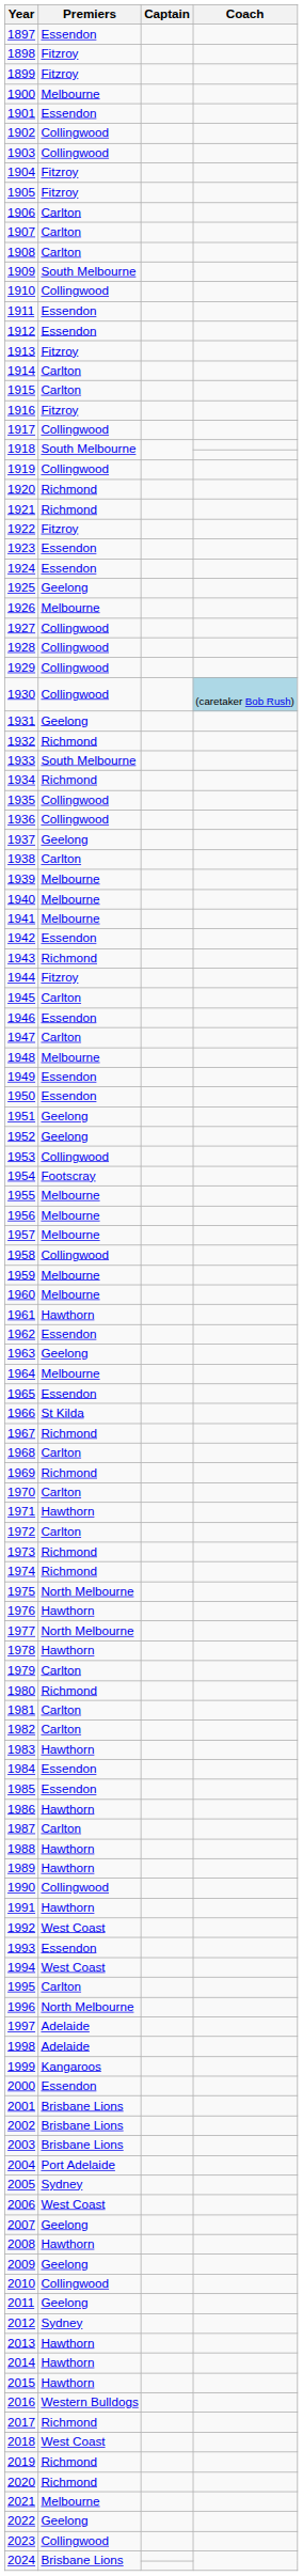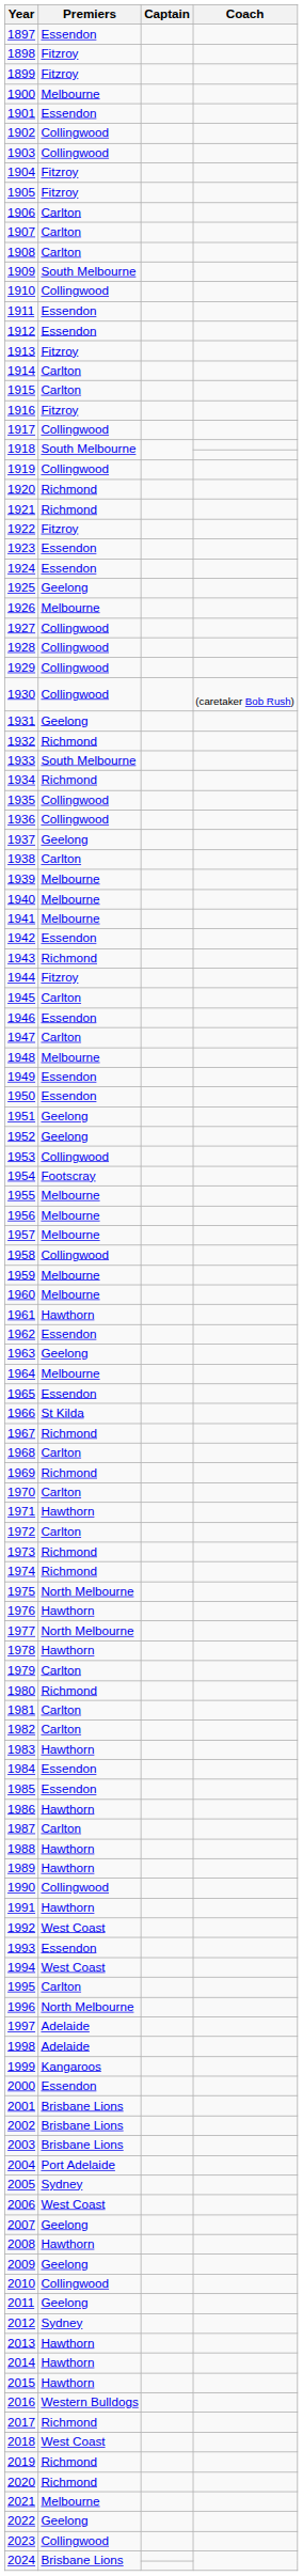 <table class="wikitable sortable">
 <tr>
 <th>Year</th>
 <th>Premiers</th>
 <th>Captain</th>
 <th data-sort-type="text">Coach</th>
 </tr>
 <tr>
 <td><a href='#'>1897</a></td>
 <td><a href='#'>Essendon</a></td>
 <td></td>
 <td></td>
 </tr>
 <tr>
 <td><a href='#'>1898</a></td>
 <td><a href='#'>Fitzroy</a></td>
 <td></td>
 <td></td>
 </tr>
 <tr>
 <td><a href='#'>1899</a></td>
 <td><a href='#'>Fitzroy</a></td>
 <td></td>
 <td></td>
 </tr>
 <tr>
 <td><a href='#'>1900</a></td>
 <td><a href='#'>Melbourne</a></td>
 <td></td>
 <td></td>
 </tr>
 <tr>
 <td><a href='#'>1901</a></td>
 <td><a href='#'>Essendon</a></td>
 <td></td>
 <td></td>
 </tr>
 <tr>
 <td><a href='#'>1902</a></td>
 <td><a href='#'>Collingwood</a></td>
 <td></td>
 <td></td>
 </tr>
 <tr>
 <td><a href='#'>1903</a></td>
 <td><a href='#'>Collingwood</a></td>
 <td></td>
 <td></td>
 </tr>
 <tr>
 <td><a href='#'>1904</a></td>
 <td><a href='#'>Fitzroy</a></td>
 <td></td>
 <td></td>
 </tr>
 <tr>
 <td><a href='#'>1905</a></td>
 <td><a href='#'>Fitzroy</a></td>
 <td></td>
 <td></td>
 </tr>
 <tr>
 <td><a href='#'>1906</a></td>
 <td><a href='#'>Carlton</a></td>
 <td></td>
 <td></td>
 </tr>
 <tr>
 <td><a href='#'>1907</a></td>
 <td><a href='#'>Carlton</a></td>
 <td></td>
 <td></td>
 </tr>
 <tr>
 <td><a href='#'>1908</a></td>
 <td><a href='#'>Carlton</a></td>
 <td></td>
 <td></td>
 </tr>
 <tr>
 <td><a href='#'>1909</a></td>
 <td><a href='#'>South Melbourne</a></td>
 <td></td>
 <td></td>
 </tr>
 <tr>
 <td><a href='#'>1910</a></td>
 <td><a href='#'>Collingwood</a></td>
 <td></td>
 <td></td>
 </tr>
 <tr>
 <td><a href='#'>1911</a></td>
 <td><a href='#'>Essendon</a></td>
 <td></td>
 <td></td>
 </tr>
 <tr>
 <td><a href='#'>1912</a></td>
 <td><a href='#'>Essendon</a></td>
 <td></td>
 <td></td>
 </tr>
 <tr>
 <td><a href='#'>1913</a></td>
 <td><a href='#'>Fitzroy</a></td>
 <td></td>
 <td></td>
 </tr>
 <tr>
 <td><a href='#'>1914</a></td>
 <td><a href='#'>Carlton</a></td>
 <td></td>
 <td></td>
 </tr>
 <tr>
 <td><a href='#'>1915</a></td>
 <td><a href='#'>Carlton</a></td>
 <td></td>
 <td></td>
 </tr>
 <tr>
 <td><a href='#'>1916</a></td>
 <td><a href='#'>Fitzroy</a></td>
 <td></td>
 <td></td>
 </tr>
 <tr>
 <td><a href='#'>1917</a></td>
 <td><a href='#'>Collingwood</a></td>
 <td></td>
 <td></td>
 </tr>
 <tr>
 <td rowspan="2"><a href='#'>1918</a></td>
 <td rowspan="2"><a href='#'>South Melbourne</a></td>
 <td rowspan="2"></td>
 <td></td>
 </tr>
 <tr>
 <td></td>
 </tr>
 <tr>
 <td><a href='#'>1919</a></td>
 <td><a href='#'>Collingwood</a></td>
 <td></td>
 <td></td>
 </tr>
 <tr>
 <td><a href='#'>1920</a></td>
 <td><a href='#'>Richmond</a></td>
 <td></td>
 <td></td>
 </tr>
 <tr>
 <td><a href='#'>1921</a></td>
 <td><a href='#'>Richmond</a></td>
 <td></td>
 <td></td>
 </tr>
 <tr>
 <td><a href='#'>1922</a></td>
 <td><a href='#'>Fitzroy</a></td>
 <td></td>
 <td></td>
 </tr>
 <tr>
 <td><a href='#'>1923</a></td>
 <td><a href='#'>Essendon</a></td>
 <td></td>
 <td></td>
 </tr>
 <tr>
 <td><a href='#'>1924</a></td>
 <td><a href='#'>Essendon</a></td>
 <td></td>
 <td></td>
 </tr>
 <tr>
 <td><a href='#'>1925</a></td>
 <td><a href='#'>Geelong</a></td>
 <td></td>
 <td></td>
 </tr>
 <tr>
 <td><a href='#'>1926</a></td>
 <td><a href='#'>Melbourne</a></td>
 <td></td>
 <td></td>
 </tr>
 <tr>
 <td><a href='#'>1927</a></td>
 <td><a href='#'>Collingwood</a></td>
 <td></td>
 <td></td>
 </tr>
 <tr>
 <td><a href='#'>1928</a></td>
 <td><a href='#'>Collingwood</a></td>
 <td></td>
 <td></td>
 </tr>
 <tr>
 <td><a href='#'>1929</a></td>
 <td><a href='#'>Collingwood</a></td>
 <td></td>
 <td></td>
 </tr>
 <tr>
 <td><a href='#'>1930</a></td>
 <td><a href='#'>Collingwood</a></td>
 <td></td>
-<td style="background: lightblue;"><br><small>(caretaker <a href='#'>Bob Rush</a>)</small></td>
+<td><br><small>(caretaker <a href='#'>Bob Rush</a>)</small></td>
 </tr>
 <tr>
 <td><a href='#'>1931</a></td>
 <td><a href='#'>Geelong</a></td>
 <td></td>
 <td></td>
 </tr>
 <tr>
 <td><a href='#'>1932</a></td>
 <td><a href='#'>Richmond</a></td>
 <td></td>
 <td></td>
 </tr>
 <tr>
 <td><a href='#'>1933</a></td>
 <td><a href='#'>South Melbourne</a></td>
 <td></td>
 <td></td>
 </tr>
 <tr>
 <td><a href='#'>1934</a></td>
 <td><a href='#'>Richmond</a></td>
 <td></td>
 <td></td>
 </tr>
 <tr>
 <td><a href='#'>1935</a></td>
 <td><a href='#'>Collingwood</a></td>
 <td></td>
 <td></td>
 </tr>
 <tr>
 <td><a href='#'>1936</a></td>
 <td><a href='#'>Collingwood</a></td>
 <td></td>
 <td></td>
 </tr>
 <tr>
 <td><a href='#'>1937</a></td>
 <td><a href='#'>Geelong</a></td>
 <td></td>
 <td></td>
 </tr>
 <tr>
 <td><a href='#'>1938</a></td>
 <td><a href='#'>Carlton</a></td>
 <td></td>
 <td></td>
 </tr>
 <tr>
 <td><a href='#'>1939</a></td>
 <td><a href='#'>Melbourne</a></td>
 <td></td>
 <td></td>
 </tr>
 <tr>
 <td><a href='#'>1940</a></td>
 <td><a href='#'>Melbourne</a></td>
 <td></td>
 <td></td>
 </tr>
 <tr>
 <td><a href='#'>1941</a></td>
 <td><a href='#'>Melbourne</a></td>
 <td></td>
 <td></td>
 </tr>
 <tr>
 <td><a href='#'>1942</a></td>
 <td><a href='#'>Essendon</a></td>
 <td></td>
 <td></td>
 </tr>
 <tr>
 <td><a href='#'>1943</a></td>
 <td><a href='#'>Richmond</a></td>
 <td></td>
 <td></td>
 </tr>
 <tr>
 <td><a href='#'>1944</a></td>
 <td><a href='#'>Fitzroy</a></td>
 <td></td>
 <td></td>
 </tr>
 <tr>
 <td><a href='#'>1945</a></td>
 <td><a href='#'>Carlton</a></td>
 <td></td>
 <td></td>
 </tr>
 <tr>
 <td><a href='#'>1946</a></td>
 <td><a href='#'>Essendon</a></td>
 <td></td>
 <td></td>
 </tr>
 <tr>
 <td><a href='#'>1947</a></td>
 <td><a href='#'>Carlton</a></td>
 <td></td>
 <td></td>
 </tr>
 <tr>
 <td><a href='#'>1948</a></td>
 <td><a href='#'>Melbourne</a></td>
 <td></td>
 <td></td>
 </tr>
 <tr>
 <td><a href='#'>1949</a></td>
 <td><a href='#'>Essendon</a></td>
 <td></td>
 <td></td>
 </tr>
 <tr>
 <td><a href='#'>1950</a></td>
 <td><a href='#'>Essendon</a></td>
 <td></td>
 <td></td>
 </tr>
 <tr>
 <td><a href='#'>1951</a></td>
 <td><a href='#'>Geelong</a></td>
 <td></td>
 <td></td>
 </tr>
 <tr>
 <td><a href='#'>1952</a></td>
 <td><a href='#'>Geelong</a></td>
 <td></td>
 <td></td>
 </tr>
 <tr>
 <td><a href='#'>1953</a></td>
 <td><a href='#'>Collingwood</a></td>
 <td></td>
 <td></td>
 </tr>
 <tr>
 <td><a href='#'>1954</a></td>
 <td><a href='#'>Footscray</a></td>
 <td></td>
 <td></td>
 </tr>
 <tr>
 <td><a href='#'>1955</a></td>
 <td><a href='#'>Melbourne</a></td>
 <td></td>
 <td></td>
 </tr>
 <tr>
 <td><a href='#'>1956</a></td>
 <td><a href='#'>Melbourne</a></td>
 <td></td>
 <td></td>
 </tr>
 <tr>
 <td><a href='#'>1957</a></td>
 <td><a href='#'>Melbourne</a></td>
 <td></td>
 <td></td>
 </tr>
 <tr>
 <td><a href='#'>1958</a></td>
 <td><a href='#'>Collingwood</a></td>
 <td></td>
 <td></td>
 </tr>
 <tr>
 <td><a href='#'>1959</a></td>
 <td><a href='#'>Melbourne</a></td>
 <td></td>
 <td></td>
 </tr>
 <tr>
 <td><a href='#'>1960</a></td>
 <td><a href='#'>Melbourne</a></td>
 <td></td>
 <td></td>
 </tr>
 <tr>
 <td><a href='#'>1961</a></td>
 <td><a href='#'>Hawthorn</a></td>
 <td></td>
 <td></td>
 </tr>
 <tr>
 <td><a href='#'>1962</a></td>
 <td><a href='#'>Essendon</a></td>
 <td></td>
 <td></td>
 </tr>
 <tr>
 <td><a href='#'>1963</a></td>
 <td><a href='#'>Geelong</a></td>
 <td></td>
 <td></td>
 </tr>
 <tr>
 <td><a href='#'>1964</a></td>
 <td><a href='#'>Melbourne</a></td>
 <td></td>
 <td></td>
 </tr>
 <tr>
 <td><a href='#'>1965</a></td>
 <td><a href='#'>Essendon</a></td>
 <td></td>
 <td></td>
 </tr>
 <tr>
 <td><a href='#'>1966</a></td>
 <td><a href='#'>St Kilda</a></td>
 <td></td>
 <td></td>
 </tr>
 <tr>
 <td><a href='#'>1967</a></td>
 <td><a href='#'>Richmond</a></td>
 <td></td>
 <td></td>
 </tr>
 <tr>
 <td><a href='#'>1968</a></td>
 <td><a href='#'>Carlton</a></td>
 <td></td>
 <td></td>
 </tr>
 <tr>
 <td><a href='#'>1969</a></td>
 <td><a href='#'>Richmond</a></td>
 <td></td>
 <td></td>
 </tr>
 <tr>
 <td><a href='#'>1970</a></td>
 <td><a href='#'>Carlton</a></td>
 <td></td>
 <td></td>
 </tr>
 <tr>
 <td><a href='#'>1971</a></td>
 <td><a href='#'>Hawthorn</a></td>
 <td></td>
 <td></td>
 </tr>
 <tr>
 <td><a href='#'>1972</a></td>
 <td><a href='#'>Carlton</a></td>
 <td></td>
 <td></td>
 </tr>
 <tr>
 <td><a href='#'>1973</a></td>
 <td><a href='#'>Richmond</a></td>
 <td></td>
 <td></td>
 </tr>
 <tr>
 <td><a href='#'>1974</a></td>
 <td><a href='#'>Richmond</a></td>
 <td></td>
 <td></td>
 </tr>
 <tr>
 <td><a href='#'>1975</a></td>
 <td><a href='#'>North Melbourne</a></td>
 <td></td>
 <td></td>
 </tr>
 <tr>
 <td><a href='#'>1976</a></td>
 <td><a href='#'>Hawthorn</a></td>
 <td></td>
 <td></td>
 </tr>
 <tr>
 <td><a href='#'>1977</a></td>
 <td><a href='#'>North Melbourne</a></td>
 <td></td>
 <td></td>
 </tr>
 <tr>
 <td><a href='#'>1978</a></td>
 <td><a href='#'>Hawthorn</a></td>
 <td></td>
 <td></td>
 </tr>
 <tr>
 <td><a href='#'>1979</a></td>
 <td><a href='#'>Carlton</a></td>
 <td></td>
 <td></td>
 </tr>
 <tr>
 <td><a href='#'>1980</a></td>
 <td><a href='#'>Richmond</a></td>
 <td></td>
 <td></td>
 </tr>
 <tr>
 <td><a href='#'>1981</a></td>
 <td><a href='#'>Carlton</a></td>
 <td></td>
 <td></td>
 </tr>
 <tr>
 <td><a href='#'>1982</a></td>
 <td><a href='#'>Carlton</a></td>
 <td></td>
 <td></td>
 </tr>
 <tr>
 <td><a href='#'>1983</a></td>
 <td><a href='#'>Hawthorn</a></td>
 <td></td>
 <td></td>
 </tr>
 <tr>
 <td><a href='#'>1984</a></td>
 <td><a href='#'>Essendon</a></td>
 <td></td>
 <td></td>
 </tr>
 <tr>
 <td><a href='#'>1985</a></td>
 <td><a href='#'>Essendon</a></td>
 <td></td>
 <td></td>
 </tr>
 <tr>
 <td><a href='#'>1986</a></td>
 <td><a href='#'>Hawthorn</a></td>
 <td></td>
 <td></td>
 </tr>
 <tr>
 <td><a href='#'>1987</a></td>
 <td><a href='#'>Carlton</a></td>
 <td></td>
 <td></td>
 </tr>
 <tr>
 <td><a href='#'>1988</a></td>
 <td><a href='#'>Hawthorn</a></td>
 <td></td>
 <td></td>
 </tr>
 <tr>
 <td><a href='#'>1989</a></td>
 <td><a href='#'>Hawthorn</a></td>
 <td></td>
 <td></td>
 </tr>
 <tr>
 <td><a href='#'>1990</a></td>
 <td><a href='#'>Collingwood</a></td>
 <td></td>
 <td></td>
 </tr>
 <tr>
 <td><a href='#'>1991</a></td>
 <td><a href='#'>Hawthorn</a></td>
 <td></td>
 <td></td>
 </tr>
 <tr>
 <td><a href='#'>1992</a></td>
 <td><a href='#'>West Coast</a></td>
 <td></td>
 <td></td>
 </tr>
 <tr>
 <td><a href='#'>1993</a></td>
 <td><a href='#'>Essendon</a></td>
 <td></td>
 <td></td>
 </tr>
 <tr>
 <td><a href='#'>1994</a></td>
 <td><a href='#'>West Coast</a></td>
 <td></td>
 <td></td>
 </tr>
 <tr>
 <td><a href='#'>1995</a></td>
 <td><a href='#'>Carlton</a></td>
 <td></td>
 <td></td>
 </tr>
 <tr>
 <td><a href='#'>1996</a></td>
 <td><a href='#'>North Melbourne</a></td>
 <td></td>
 <td></td>
 </tr>
 <tr>
 <td><a href='#'>1997</a></td>
 <td><a href='#'>Adelaide</a></td>
 <td></td>
 <td></td>
 </tr>
 <tr>
 <td><a href='#'>1998</a></td>
 <td><a href='#'>Adelaide</a></td>
 <td></td>
 <td></td>
 </tr>
 <tr>
 <td><a href='#'>1999</a></td>
 <td><a href='#'>Kangaroos</a></td>
 <td></td>
 <td></td>
 </tr>
 <tr>
 <td><a href='#'>2000</a></td>
 <td><a href='#'>Essendon</a></td>
 <td></td>
 <td></td>
 </tr>
 <tr>
 <td><a href='#'>2001</a></td>
 <td><a href='#'>Brisbane Lions</a></td>
 <td></td>
 <td></td>
 </tr>
 <tr>
 <td><a href='#'>2002</a></td>
 <td><a href='#'>Brisbane Lions</a></td>
 <td></td>
 <td></td>
 </tr>
 <tr>
 <td><a href='#'>2003</a></td>
 <td><a href='#'>Brisbane Lions</a></td>
 <td></td>
 <td></td>
 </tr>
 <tr>
 <td><a href='#'>2004</a></td>
 <td><a href='#'>Port Adelaide</a></td>
 <td></td>
 <td></td>
 </tr>
 <tr>
 <td><a href='#'>2005</a></td>
 <td><a href='#'>Sydney</a></td>
 <td></td>
 <td></td>
 </tr>
 <tr>
 <td><a href='#'>2006</a></td>
 <td><a href='#'>West Coast</a></td>
 <td></td>
 <td></td>
 </tr>
 <tr>
 <td><a href='#'>2007</a></td>
 <td><a href='#'>Geelong</a></td>
 <td></td>
 <td></td>
 </tr>
 <tr>
 <td><a href='#'>2008</a></td>
 <td><a href='#'>Hawthorn</a></td>
 <td></td>
 <td></td>
 </tr>
 <tr>
 <td><a href='#'>2009</a></td>
 <td><a href='#'>Geelong</a></td>
 <td></td>
 <td></td>
 </tr>
 <tr>
 <td><a href='#'>2010</a></td>
 <td><a href='#'>Collingwood</a></td>
 <td></td>
 <td></td>
 </tr>
 <tr>
 <td><a href='#'>2011</a></td>
 <td><a href='#'>Geelong</a></td>
 <td></td>
 <td></td>
 </tr>
 <tr>
 <td><a href='#'>2012</a></td>
 <td><a href='#'>Sydney</a></td>
 <td></td>
 <td></td>
 </tr>
 <tr>
 <td><a href='#'>2013</a></td>
 <td><a href='#'>Hawthorn</a></td>
 <td></td>
 <td></td>
 </tr>
 <tr>
 <td><a href='#'>2014</a></td>
 <td><a href='#'>Hawthorn</a></td>
 <td></td>
 <td></td>
 </tr>
 <tr>
 <td><a href='#'>2015</a></td>
 <td><a href='#'>Hawthorn</a></td>
 <td></td>
 <td></td>
 </tr>
 <tr>
 <td><a href='#'>2016</a></td>
 <td><a href='#'>Western Bulldogs</a></td>
 <td></td>
 <td></td>
 </tr>
 <tr>
 <td><a href='#'>2017</a></td>
 <td><a href='#'>Richmond</a></td>
 <td></td>
 <td></td>
 </tr>
 <tr>
 <td><a href='#'>2018</a></td>
 <td><a href='#'>West Coast</a></td>
 <td></td>
 <td></td>
 </tr>
 <tr>
 <td><a href='#'>2019</a></td>
 <td><a href='#'>Richmond</a></td>
 <td></td>
 <td></td>
 </tr>
 <tr>
 <td><a href='#'>2020</a></td>
 <td><a href='#'>Richmond</a></td>
 <td></td>
 <td></td>
 </tr>
 <tr>
 <td><a href='#'>2021</a></td>
 <td><a href='#'>Melbourne</a></td>
 <td></td>
 <td></td>
 </tr>
 <tr>
 <td><a href='#'>2022</a></td>
 <td><a href='#'>Geelong</a></td>
 <td></td>
 <td></td>
 </tr>
 <tr>
 <td><a href='#'>2023</a></td>
 <td><a href='#'>Collingwood</a></td>
 <td></td>
 <td></td>
 </tr>
 <tr>
 <td rowspan="2"><a href='#'>2024</a></td>
 <td rowspan="2"><a href='#'>Brisbane Lions</a></td>
 <td></td>
 <td rowspan="2"></td>
 </tr>
 <tr>
 <td></td>
 </tr>
 </table>
